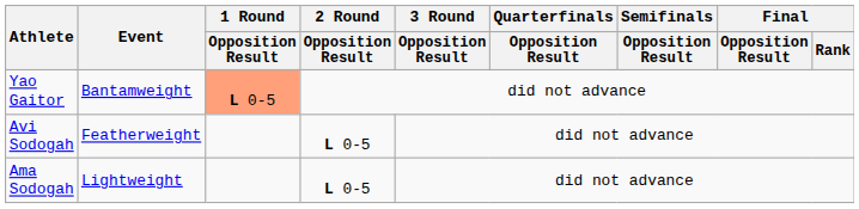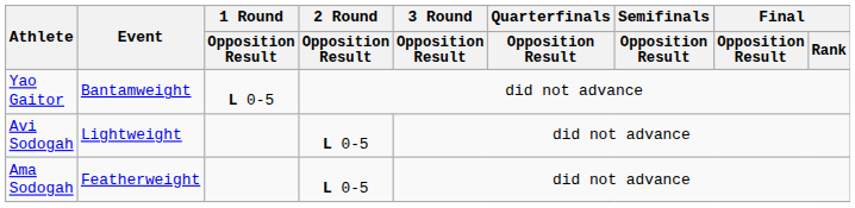 <table class="wikitable" style="font-size:90%">
 <tr>
 <th rowspan="2">Athlete</th>
 <th rowspan="2">Event</th>
 <th>1 Round</th>
 <th>2 Round</th>
 <th>3 Round</th>
 <th>Quarterfinals</th>
 <th>Semifinals</th>
 <th colspan=2>Final</th>
 </tr>
 <tr style="font-size:95%">
 <th>Opposition<br>Result</th>
 <th>Opposition<br>Result</th>
 <th>Opposition<br>Result</th>
 <th>Opposition<br>Result</th>
 <th>Opposition<br>Result</th>
 <th>Opposition<br>Result</th>
 <th>Rank</th>
 </tr>
 <tr align=center>
 <td align=left><a href='#'>Yao Gaitor</a></td>
 <td align=left><a href='#'>Bantamweight</a></td>
-<td style="background: lightsalmon;"><br><strong>L</strong> 0-5</td>
+<td><br><strong>L</strong> 0-5</td>
 <td colspan=6>did not advance</td>
 </tr>
 <tr align=center>
 <td align=left><a href='#'>Avi Sodogah</a></td>
-<td align=left><a href='#'>Featherweight</a></td>
+<td align=left><a href='#'>Lightweight</a></td>
 <td></td>
 <td><br><strong>L</strong> 0-5</td>
 <td colspan=6>did not advance</td>
 </tr>
 <tr align=center>
 <td align=left><a href='#'>Ama Sodogah</a></td>
-<td align=left><a href='#'>Lightweight</a></td>
+<td align=left><a href='#'>Featherweight</a></td>
 <td></td>
 <td><br><strong>L</strong> 0-5</td>
 <td colspan=6>did not advance</td>
 </tr>
 </table>
